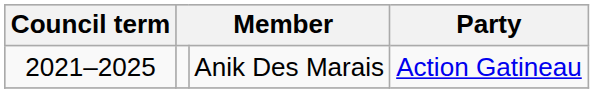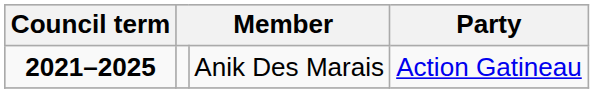 <table class="wikitable">
 <tr>
 <th>Council term</th>
 <th colspan="2">Member</th>
 <th>Party</th>
 </tr>
 <tr>
-<td align="center">2021–2025</td>
+<td align="center"><strong>2021–2025</strong></td>
 <td style="color:inherit;background-color:"></td>
 <td>Anik Des Marais</td>
 <td><a href='#'>Action Gatineau</a></td>
 </tr>
 </table>
